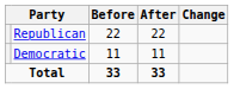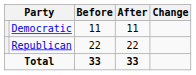 <table class="wikitable" style="text-align:center;">
 <tr>
 <th colspan="2">Party</th>
 <th>Before</th>
 <th>After</th>
 <th>Change</th>
 </tr>
 <tr>
 <th style="background-color:"></th>
-<td style="text-align:left;"><a href='#'>Republican</a></td>
-<td>22</td>
-<td>22</td>
+<td style="text-align:left;"><a href='#'>Democratic</a></td>
+<td>11</td>
+<td>11</td>
 <td></td>
 </tr>
 <tr>
 <th style="background-color:"></th>
-<td style="text-align:left;"><a href='#'>Democratic</a></td>
-<td>11</td>
-<td>11</td>
+<td style="text-align:left;"><a href='#'>Republican</a></td>
+<td>22</td>
+<td>22</td>
 <td></td>
 </tr>
 <tr>
 <td colspan="2"><strong>Total</strong></td>
 <td><strong>33</strong></td>
 <td><strong>33</strong></td>
 <td></td>
 </tr>
 </table>
